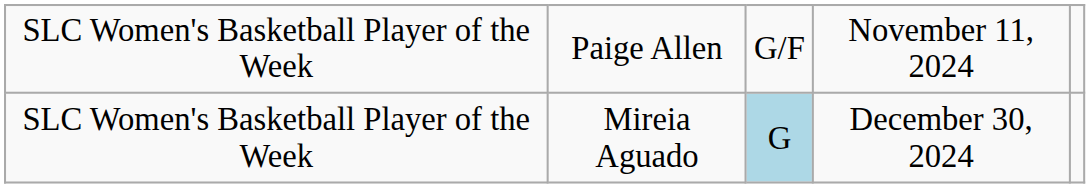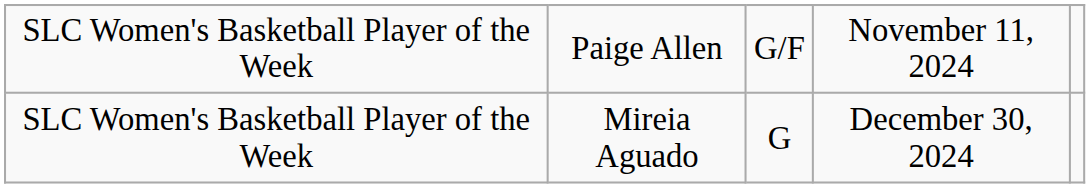 <table class="wikitable" style="width: 60%;text-align: center;">
 <tr align="center">
 <td rowspan="1">SLC Women's Basketball Player of the Week</td>
 <td>Paige Allen</td>
 <td>G/F</td>
 <td>November 11, 2024</td>
 <td></td>
 </tr>
 <tr align="center">
 <td rowspan="1">SLC Women's Basketball Player of the Week</td>
 <td>Mireia Aguado</td>
-<td style="background: lightblue;">G</td>
+<td>G</td>
 <td>December 30, 2024</td>
 <td></td>
 </tr>
 </table>
